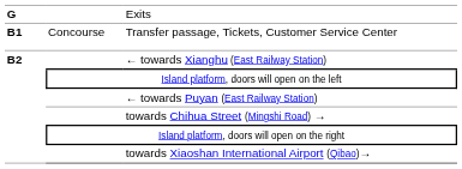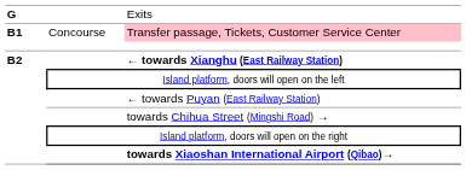 <table border="0" cellspacing="0" cellpadding="3">
 <tr>
 <td style="border-bottom:solid 1px gray;border-top:solid 1px gray;width:50px;vertical-align:top;"><strong>G</strong></td>
 <td style="border-top:solid 1px gray;border-bottom:solid 1px gray;width:100px;vertical-align:top;"></td>
 <td style="border-top:solid 1px gray;border-bottom:solid 1px gray;width:450px;vertical-align:top;">Exits</td>
 </tr>
 <tr>
 <td rowspan="3" style="border-bottom:solid 1px gray;vertical-align:top;"><strong>B1</strong></td>
 <td rowspan="3" style="border-bottom:solid 1px gray;vertical-align:top;">Concourse</td>
-<td>Transfer passage, Tickets, Customer Service Center</td>
+<td style="background: pink;">Transfer passage, Tickets, Customer Service Center</td>
 </tr>
 <tr>
 <td></td>
 </tr>
 <tr>
 <td style="border-bottom:solid 1px gray;"></td>
 </tr>
 <tr>
 <td rowspan="6" style="border-bottom:solid 1px gray;vertical-align:top;"><strong>B2</strong></td>
 <td style="border-bottom:solid 2px black;"></td>
-<td style="border-bottom:solid 2px black;">←  towards <a href='#'>Xianghu</a><small> (<a href='#'>East Railway Station</a>)</small></td>
+<td style="border-bottom:solid 2px black;"><strong>←  towards <a href='#'>Xianghu</a><small> (<a href='#'>East Railway Station</a>)</small></strong></td>
 </tr>
 <tr>
 <td colspan="2" style="border-right:solid 2px black;border-left:solid 2px black;border-bottom:solid 2px black;text-align:center;"><small><a href='#'>Island platform</a>, doors will open on the left</small></td>
 </tr>
 <tr>
 <td style="border-bottom:solid 1px gray;"></td>
 <td style="border-bottom:solid 1px gray;">←  towards <a href='#'>Puyan</a> <small>(<a href='#'>East Railway Station</a>) </small></td>
 </tr>
 <tr>
 <td></td>
 <td>  towards <a href='#'>Chihua Street</a> <small>(<a href='#'>Mingshi Road</a>)</small> →</td>
 </tr>
 <tr>
 <td colspan="2" style="border-top:solid 2px black;border-right:solid 2px black;border-left:solid 2px black;border-bottom:solid 2px black;text-align:center;"><small><a href='#'>Island platform</a>, doors will open on the right</small></td>
 </tr>
 <tr>
 <td style="border-bottom:solid 1px black;"></td>
-<td style="border-bottom:solid 1px black;">  towards <a href='#'>Xiaoshan International Airport</a> <small>(<a href='#'>Qibao</a>)</small>→</td>
+<td style="border-bottom:solid 1px black;"><strong>  towards <a href='#'>Xiaoshan International Airport</a> <small>(<a href='#'>Qibao</a>)</small>→</strong></td>
 </tr>
 </table>
